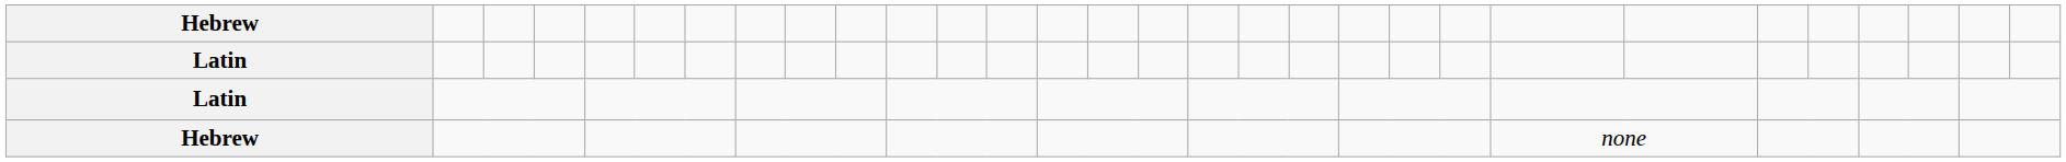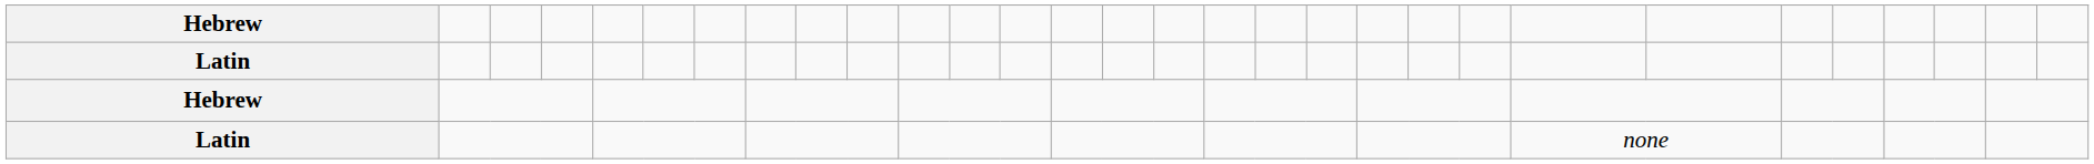 <table class="wikitable" style="font-size:125%; margin:0 auto; width:90%; border-collapse:collapse;">
 <tr>
 <th scope="row"><span>Hebrew</span></th>
 <td></td>
 <td></td>
 <td></td>
 <td></td>
 <td></td>
 <td></td>
 <td></td>
 <td></td>
 <td></td>
 <td></td>
 <td></td>
 <td></td>
 <td>‎ </td>
 <td>‎ </td>
 <td></td>
 <td>‎ </td>
 <td>‎ </td>
 <td></td>
 <td></td>
 <td>‎ </td>
 <td>‎ </td>
 <td>‎ </td>
 <td></td>
 <td></td>
 <td></td>
 <td></td>
 <td></td>
 <td></td>
 <td></td>
 </tr>
 <tr>
 <th scope="row"><span>Latin</span></th>
 <td><big></big></td>
 <td></td>
 <td></td>
 <td></td>
 <td></td>
 <td></td>
 <td></td>
 <td></td>
 <td></td>
 <td></td>
 <td></td>
 <td></td>
 <td></td>
 <td></td>
 <td></td>
 <td></td>
 <td></td>
 <td></td>
 <td><big></big></td>
 <td></td>
 <td></td>
 <td></td>
 <td></td>
 <td></td>
 <td></td>
 <td></td>
 <td></td>
 <td></td>
 <td></td>
 </tr>
 <tr style="text-align:center;">
-<th scope="row"><span>Latin</span></th>
+<th scope="row"><span>Hebrew</span></th>
 <td colspan=3><big></big>‎ <big></big></td>
 <td colspan=3><big>‎ </big></td>
 <td colspan=3><big></big></td>
 <td colspan=3><big></big></td>
 <td colspan=3><big></big></td>
 <td colspan=3><big></big></td>
 <td colspan=3><big></big></td>
 <td colspan=2><big></big></td>
 <td colspan=2><big></big></td>
 <td colspan=2><big></big></td>
 <td colspan=2><big></big></td>
 </tr>
 <tr style="text-align:center;">
-<th scope="row"><span>Hebrew</span></th>
+<th scope="row"><span>Latin</span></th>
 <td colspan=3></td>
 <td colspan=3></td>
 <td colspan=3></td>
 <td colspan=3></td>
 <td colspan=3></td>
 <td colspan=3></td>
 <td colspan=3></td>
 <td colspan=2><span><em>none</em></span></td>
 <td colspan=2></td>
 <td colspan=2></td>
 <td colspan=2></td>
 </tr>
 </table>
